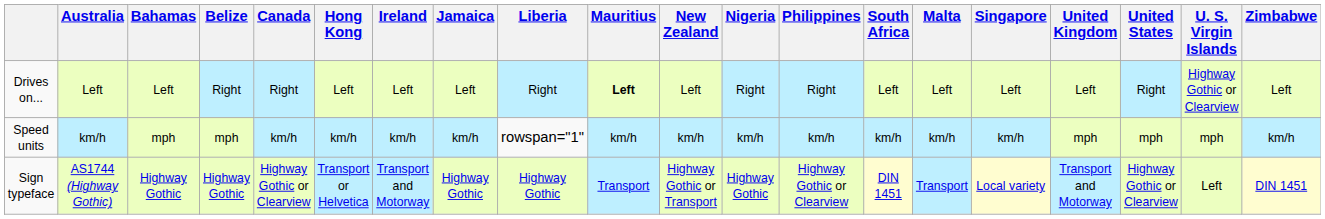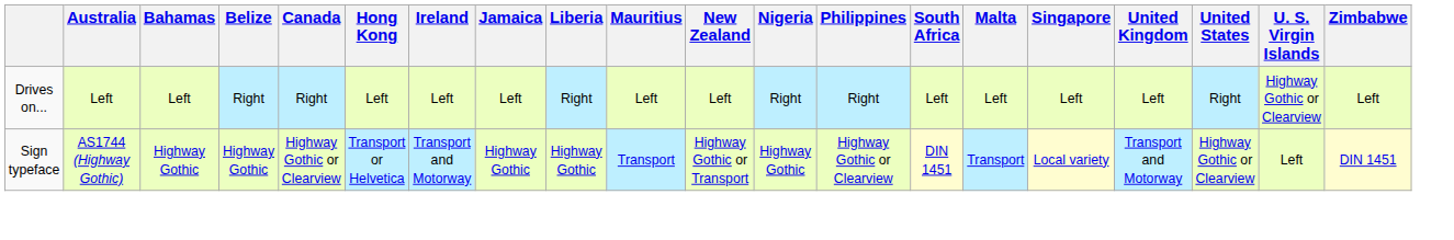 <table class="wikitable" style="text-align: center;">
 <tr>
 <th width="85" style="vertical-align: top;" scope="col"></th>
 <th width="85" style="vertical-align: top;" scope="col"><a href='#'>Australia</a></th>
 <th width="85" style="vertical-align: top;" scope="col"><a href='#'>Bahamas</a></th>
 <th width="85" style="vertical-align: top;" scope="col"><a href='#'>Belize</a></th>
 <th width="85" style="vertical-align: top;" scope="col"><a href='#'>Canada</a></th>
 <th width="85" style="vertical-align: top;" scope="col"><a href='#'>Hong Kong</a></th>
 <th width="85" style="vertical-align: top;" scope="col"><a href='#'>Ireland</a></th>
 <th width="85" style="vertical-align: top;" scope="col"><a href='#'>Jamaica</a></th>
 <th width="85" style="vertical-align: top;" scope="col"><a href='#'>Liberia</a></th>
 <th width="85" style="vertical-align: top;" scope="col"><a href='#'>Mauritius</a></th>
 <th width="85" style="vertical-align: top;" scope="col"><a href='#'>New Zealand</a></th>
 <th width="85" style="vertical-align: top;" scope="col"><a href='#'>Nigeria</a></th>
 <th width="85" style="vertical-align: top;" scope="col"><a href='#'>Philippines</a></th>
 <th width="85" style="vertical-align: top;" scope="col"><a href='#'>South Africa</a></th>
 <th width="85" style="vertical-align: top;" scope="col"><a href='#'>Malta</a></th>
 <th width="85" style="vertical-align: top;" scope="col"><a href='#'>Singapore</a></th>
 <th width="85" style="vertical-align: top;" scope="col"><a href='#'>United Kingdom</a></th>
 <th width="85" style="vertical-align: top;" scope="col"><a href='#'>United States</a></th>
 <th width="85" style="vertical-align: top;" scope="col"><a href='#'>U. S. Virgin Islands</a></th>
 <th width="85" style="vertical-align: top;" scope="col"><a href='#'>Zimbabwe</a></th>
 </tr>
 <tr>
 <td><small>Drives on...</small></td>
 <td rowspan="1" style="background: #ECFFC0;"><small>Left</small></td>
 <td rowspan="1" style="background: #ECFFC0;"><small>Left</small></td>
 <td rowspan="1" style="background: #BEEFFF;"><small>Right</small></td>
 <td rowspan="1" style="background: #BEEFFF;"><small>Right</small></td>
 <td rowspan="1" style="background: #ECFFC0;"><small>Left</small></td>
 <td rowspan="1" style="background: #ECFFC0;"><small>Left</small></td>
 <td rowspan="1" style="background: #ECFFC0;"><small>Left</small></td>
 <td rowspan="1" style="background: #BEEFFF;"><small>Right</small></td>
-<td rowspan="1" style="background: #ECFFC0;"><strong><small>Left</small></strong></td>
+<td rowspan="1" style="background: #ECFFC0;"><small>Left</small></td>
 <td rowspan="1" style="background: #ECFFC0;"><small>Left</small></td>
 <td rowspan="1" style="background: #BEEFFF;"><small>Right</small></td>
 <td rowspan="1" style="background: #BEEFFF;"><small>Right</small></td>
 <td rowspan="1" style="background: #ECFFC0;"><small>Left</small></td>
 <td rowspan="1" style="background: #ECFFC0;"><small>Left</small></td>
 <td rowspan="1" style="background: #ECFFC0;"><small>Left</small></td>
 <td rowspan="1" style="background: #ECFFC0;"><small>Left</small></td>
 <td rowspan="1" style="background: #BEEFFF;"><small>Right</small></td>
 <td rowspan="1" style="background: #ECFFC0;"><small> <a href='#'>Highway Gothic</a> or <a href='#'>Clearview</a></small></td>
 <td rowspan="1" style="background: #ECFFC0;"><small>Left</small></td>
-</tr>
-<tr>
-<td><small>Speed units</small></td>
-<td rowspan="1" style="background: #BEEFFF;"><small>km/h</small></td>
-<td rowspan="1" style="background: #ECFFC0;"><small>mph</small></td>
-<td rowspan="1" style="background: #ECFFC0;"><small>mph</small></td>
-<td rowspan="1" style="background: #BEEFFF;"><small>km/h</small></td>
-<td rowspan="1" style="background: #BEEFFF;"><small>km/h</small></td>
-<td rowspan="1" style="background: #BEEFFF;"><small>km/h</small></td>
-<td rowspan="1" style="background: #BEEFFF;"><small>km/h</small></td>
-<td>rowspan="1" </td>
-<td rowspan="1" style="background: #BEEFFF;"><small>km/h</small></td>
-<td rowspan="1" style="background: #BEEFFF;"><small>km/h</small></td>
-<td rowspan="1" style="background: #BEEFFF;"><small>km/h</small></td>
-<td rowspan="1" style="background: #BEEFFF;"><small>km/h</small></td>
-<td rowspan="1" style="background: #BEEFFF;"><small>km/h</small></td>
-<td rowspan="1" style="background: #BEEFFF;"><small>km/h</small></td>
-<td rowspan="1" style="background: #BEEFFF;"><small>km/h</small></td>
-<td rowspan="1" style="background: #ECFFC0;"><small>mph</small></td>
-<td rowspan="1" style="background: #ECFFC0;"><small>mph</small></td>
-<td rowspan="1" style="background: #ECFFC0;"><small>mph</small></td>
-<td rowspan="1" style="background: #BEEFFF;"><small>km/h</small></td>
 </tr>
 <tr>
 <td><small>Sign typeface</small></td>
 <td rowspan="1" style="background: #ECFFC0;"><small> <a href='#'>AS1744 <em>(Highway Gothic)</em></a> </small></td>
 <td rowspan="1" style="background: #ECFFC0;"><small> <a href='#'>Highway Gothic</a> </small></td>
 <td rowspan="1" style="background: #ECFFC0;"><small> <a href='#'>Highway Gothic</a> </small></td>
 <td rowspan="1" style="background: #ECFFC0;"><small> <a href='#'>Highway Gothic</a> or <a href='#'>Clearview</a></small></td>
 <td rowspan="1" style="background: #BEEFFF;"><small> <a href='#'>Transport</a> or <a href='#'>Helvetica</a> </small></td>
 <td rowspan="1" style="background: #BEEFFF;"><small> <a href='#'>Transport</a> and <a href='#'>Motorway</a></small></td>
 <td rowspan="1" style="background: #ECFFC0;"><small> <a href='#'>Highway Gothic</a> </small></td>
 <td rowspan="1" style="background: #ECFFC0;"><small> <a href='#'>Highway Gothic</a> </small></td>
 <td rowspan="1" style="background: #BEEFFF;"><small> <a href='#'>Transport</a> </small></td>
 <td rowspan="1" style="background: #ECFFC0;"><small> <a href='#'>Highway Gothic</a> or <a href='#'>Transport</a></small></td>
 <td rowspan="1" style="background: #ECFFC0;"><small> <a href='#'>Highway Gothic</a> </small></td>
 <td rowspan="1" style="background: #ECFFC0;"><small> <a href='#'>Highway Gothic</a> or <a href='#'>Clearview</a></small></td>
 <td rowspan="1" style="background: #FFFDD0;"><small> <a href='#'>DIN 1451</a> </small></td>
 <td rowspan="1" style="background: #BEEFFF;"><small> <a href='#'>Transport</a> </small></td>
 <td rowspan="1" style="background: #FFFDD0;"><small> <a href='#'>Local variety</a> </small></td>
 <td rowspan="1" style="background: #BEEFFF;"><small> <a href='#'>Transport</a> and <a href='#'>Motorway</a> </small></td>
 <td rowspan="1" style="background: #ECFFC0;"><small> <a href='#'>Highway Gothic</a> or <a href='#'>Clearview</a></small></td>
 <td rowspan="1" style="background: #ECFFC0;"><small>Left</small></td>
 <td rowspan="1" style="background: #FFFDD0;"><small> <a href='#'>DIN 1451</a> </small></td>
 </tr>
 </table>
